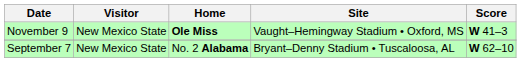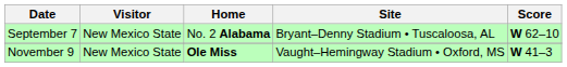 <table class="wikitable">
 <tr>
 <th>Date</th>
 <th>Visitor</th>
 <th>Home</th>
 <th>Site</th>
 <th>Score</th>
 </tr>
 <tr style="background:#bfb">
+<td>September 7</td>
+<td>New Mexico State</td>
+<td>No. 2 <strong>Alabama</strong></td>
+<td>Bryant–Denny Stadium • Tuscaloosa, AL</td>
+<td><strong>W</strong> 62–10</td>
+</tr>
+<tr>
+</tr>
+<tr style="background:#bfb">
 <td>November 9</td>
 <td>New Mexico State</td>
 <td><strong>Ole Miss</strong></td>
 <td>Vaught–Hemingway Stadium • Oxford, MS</td>
 <td><strong>W</strong> 41–3</td>
 </tr>
-<tr>
-</tr>
-<tr style="background:#bfb">
-<td>September 7</td>
-<td>New Mexico State</td>
-<td>No. 2 <strong>Alabama</strong></td>
-<td>Bryant–Denny Stadium • Tuscaloosa, AL</td>
-<td><strong>W</strong> 62–10</td>
-</tr>
 </table>
